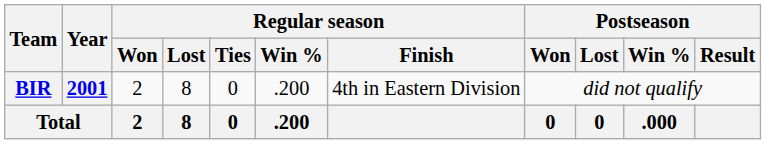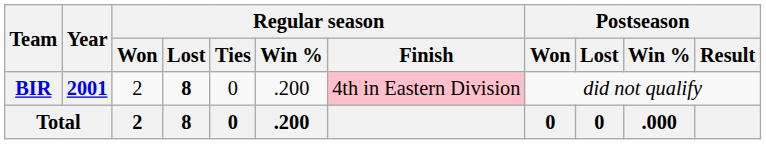 <table class="wikitable" style="font-size: 95%; text-align:center;">
 <tr>
 <th rowspan="2">Team</th>
 <th rowspan="2">Year</th>
 <th colspan="5">Regular season</th>
 <th colspan="4">Postseason</th>
 </tr>
 <tr>
 <th>Won</th>
 <th>Lost</th>
 <th>Ties</th>
 <th>Win %</th>
 <th>Finish</th>
 <th>Won</th>
 <th>Lost</th>
 <th>Win %</th>
 <th>Result</th>
 </tr>
 <tr>
 <th><a href='#'>BIR</a></th>
 <th><a href='#'>2001</a></th>
 <td>2</td>
-<td>8</td>
+<td><strong>8</strong></td>
 <td>0</td>
 <td>.200</td>
-<td>4th in Eastern Division</td>
+<td style="background: pink;">4th in Eastern Division</td>
 <td colspan="4"><em>did not qualify</em></td>
 </tr>
 <tr>
 <th colspan="2">Total</th>
 <th>2</th>
 <th>8</th>
 <th>0</th>
 <th>.200</th>
 <th></th>
 <th>0</th>
 <th>0</th>
 <th>.000</th>
 <th></th>
 </tr>
 </table>
